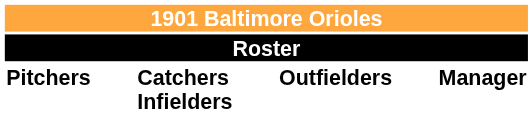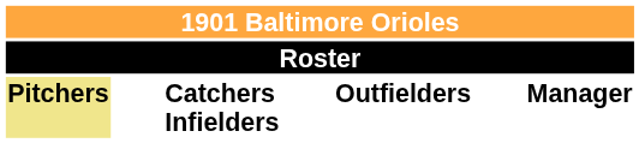 <table class="toccolours" style="font-size: 95%;">
 <tr>
 <th colspan="10" style="background-color: #FEA73E; color: white; text-align: center;">1901 Baltimore Orioles</th>
 </tr>
 <tr>
 <td colspan="10" style="background-color: black; color: white; text-align: center;"><strong>Roster</strong></td>
 </tr>
 <tr>
-<td valign="top"><strong>Pitchers</strong><br>      </td>
+<td valign="top" style="background: khaki;"><strong>Pitchers</strong><br>      </td>
 <td width="25px"></td>
 <td valign="top"><strong>Catchers</strong><br>   <strong>Infielders</strong>        </td>
 <td width="25px"></td>
 <td valign="top"><strong>Outfielders</strong><br>    </td>
 <td width="25px"></td>
 <td valign="top"><strong>Manager</strong><br></td>
 </tr>
 </table>
